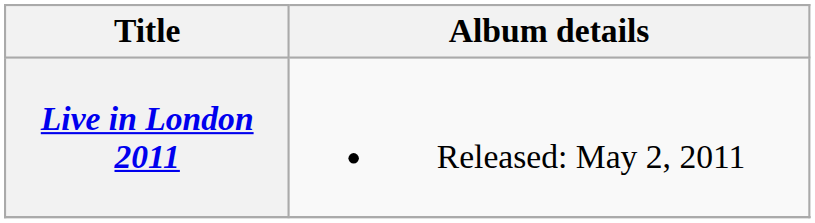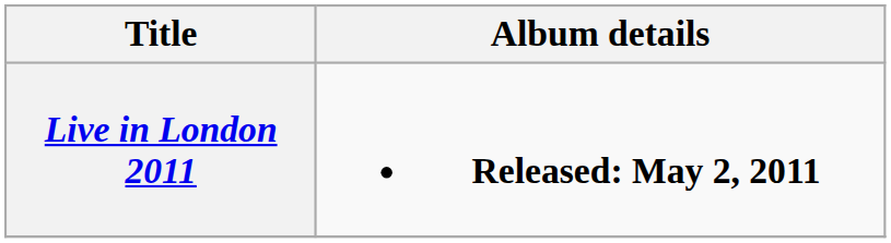 <table class="wikitable plainrowheaders" style="text-align:center;">
 <tr>
 <th style="width:8em;">Title</th>
 <th style="width:15em;">Album details</th>
 </tr>
 <tr>
 <th scope="row"><em><a href='#'>Live in London 2011</a></em></th>
-<td><br><ul><li>Released: May 2, 2011</li></ul></td>
+<td><strong><br><ul><li>Released: May 2, 2011</li></ul></strong></td>
 </tr>
 <tr>
 </tr>
 </table>
